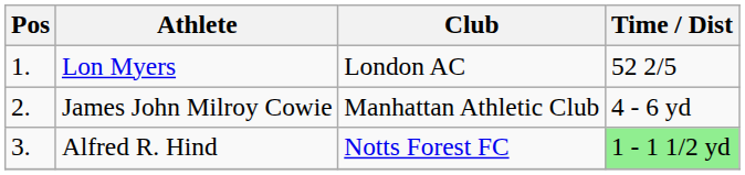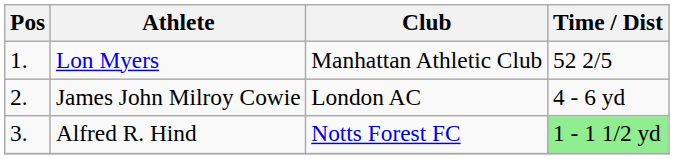 <table class="wikitable">
 <tr>
 <th>Pos</th>
 <th>Athlete</th>
 <th>Club</th>
 <th>Time / Dist</th>
 </tr>
 <tr>
 <td>1.</td>
 <td><a href='#'>Lon Myers</a></td>
-<td>London AC</td>
+<td>Manhattan Athletic Club</td>
 <td>52 2/5</td>
 </tr>
 <tr>
 <td>2.</td>
 <td>James John Milroy Cowie</td>
-<td>Manhattan Athletic Club</td>
+<td>London AC</td>
 <td>4 - 6 yd</td>
 </tr>
 <tr>
 <td>3.</td>
 <td>Alfred R. Hind</td>
 <td><a href='#'>Notts Forest FC</a></td>
 <td style="background: lightgreen;">1 - 1 1/2 yd</td>
 </tr>
 <tr>
 </tr>
 </table>
